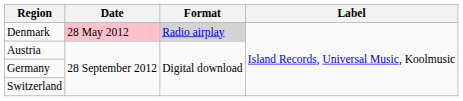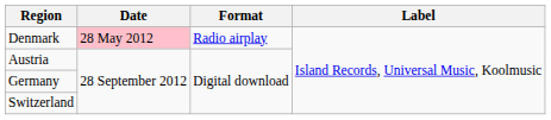 <table class="wikitable">
 <tr>
 <th scope="row">Region</th>
 <th scope="row">Date</th>
 <th scope="row">Format</th>
 <th scope="row">Label</th>
 </tr>
 <tr>
 <td>Denmark</td>
 <td style="background: pink;">28 May 2012</td>
-<td style="background: lightgrey;"><a href='#'>Radio airplay</a></td>
+<td><a href='#'>Radio airplay</a></td>
 <td rowspan="4"><a href='#'>Island Records</a>, <a href='#'>Universal Music</a>, Koolmusic</td>
 </tr>
 <tr>
 <td>Austria</td>
 <td rowspan="3">28 September 2012</td>
 <td rowspan="3">Digital download</td>
 </tr>
 <tr>
 <td>Germany</td>
 </tr>
 <tr>
 <td>Switzerland</td>
 </tr>
 </table>
